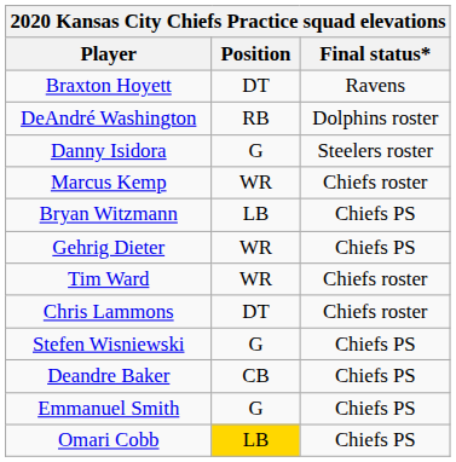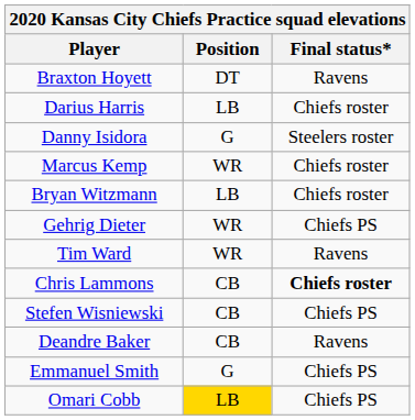 <table class="wikitable" style="text-align:center">
 <tr>
 <th colspan=3>2020 Kansas City Chiefs Practice squad elevations</th>
 </tr>
 <tr>
 <th>Player</th>
 <th>Position</th>
 <th>Final status*</th>
 </tr>
 <tr>
 <td><a href='#'>Braxton Hoyett</a></td>
 <td>DT</td>
 <td>Ravens </td>
 </tr>
 <tr>
-<td><a href='#'>DeAndré Washington</a></td>
-<td>RB</td>
-<td>Dolphins roster</td>
+<td><a href='#'>Darius Harris</a></td>
+<td>LB</td>
+<td>Chiefs roster</td>
 </tr>
 <tr>
 <td><a href='#'>Danny Isidora</a></td>
 <td>G</td>
 <td>Steelers roster</td>
 </tr>
 <tr>
 <td><a href='#'>Marcus Kemp</a></td>
 <td>WR</td>
 <td>Chiefs roster</td>
 </tr>
 <tr>
 <td><a href='#'>Bryan Witzmann</a></td>
 <td>LB</td>
-<td>Chiefs PS</td>
+<td>Chiefs roster</td>
 </tr>
 <tr>
 <td><a href='#'>Gehrig Dieter</a></td>
 <td>WR</td>
 <td>Chiefs PS</td>
 </tr>
 <tr>
 <td><a href='#'>Tim Ward</a></td>
 <td>WR</td>
-<td>Chiefs roster</td>
+<td>Ravens </td>
 </tr>
 <tr>
 <td><a href='#'>Chris Lammons</a></td>
-<td>DT</td>
-<td>Chiefs roster</td>
+<td>CB</td>
+<td><strong>Chiefs roster</strong></td>
 </tr>
 <tr>
 <td><a href='#'>Stefen Wisniewski</a></td>
-<td>G</td>
+<td>CB</td>
 <td>Chiefs PS</td>
 </tr>
 <tr>
 <td><a href='#'>Deandre Baker</a></td>
 <td>CB</td>
-<td>Chiefs PS</td>
+<td>Ravens </td>
 </tr>
 <tr>
 <td><a href='#'>Emmanuel Smith</a></td>
 <td>G</td>
 <td>Chiefs PS</td>
 </tr>
 <tr>
 <td><a href='#'>Omari Cobb</a></td>
 <td style="background: gold;">LB</td>
 <td>Chiefs PS</td>
 </tr>
 </table>
